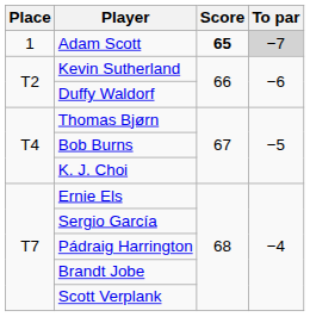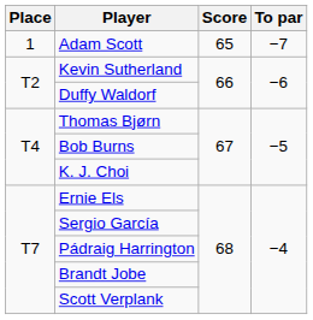 <table class="wikitable">
 <tr>
 <th>Place</th>
 <th>Player</th>
 <th>Score</th>
 <th>To par</th>
 </tr>
 <tr>
 <td align=center>1</td>
 <td> <a href='#'>Adam Scott</a></td>
-<td align=center><strong>65</strong></td>
-<td align=center style="background: lightgrey;">−7</td>
+<td align=center>65</td>
+<td align=center>−7</td>
 </tr>
 <tr>
 <td align=center rowspan="2">T2</td>
 <td> <a href='#'>Kevin Sutherland</a></td>
 <td rowspan="2" align=center>66</td>
 <td rowspan="2" align=center>−6</td>
 </tr>
 <tr>
 <td> <a href='#'>Duffy Waldorf</a></td>
 </tr>
 <tr>
 <td align=center rowspan="3">T4</td>
 <td> <a href='#'>Thomas Bjørn</a></td>
 <td rowspan="3" align=center>67</td>
 <td rowspan="3" align=center>−5</td>
 </tr>
 <tr>
 <td> <a href='#'>Bob Burns</a></td>
 </tr>
 <tr>
 <td> <a href='#'>K. J. Choi</a></td>
 </tr>
 <tr>
 <td align=center rowspan="5">T7</td>
 <td> <a href='#'>Ernie Els</a></td>
 <td rowspan="5" align=center>68</td>
 <td rowspan="5" align=center>−4</td>
 </tr>
 <tr>
 <td> <a href='#'>Sergio García</a></td>
 </tr>
 <tr>
 <td> <a href='#'>Pádraig Harrington</a></td>
 </tr>
 <tr>
 <td> <a href='#'>Brandt Jobe</a></td>
 </tr>
 <tr>
 <td> <a href='#'>Scott Verplank</a></td>
 </tr>
 </table>
